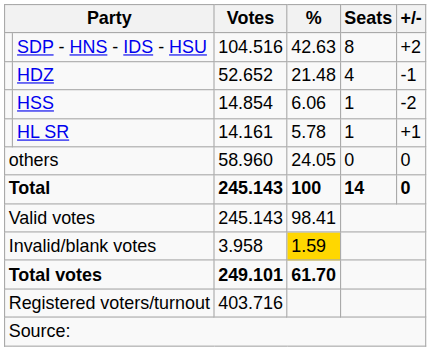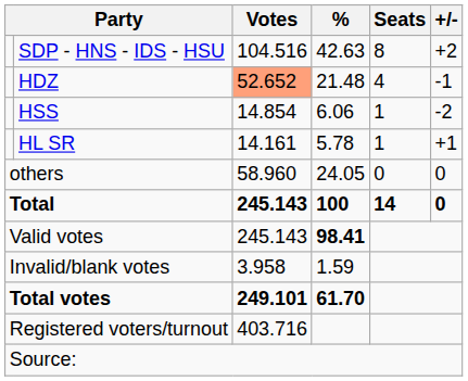 <table class="wikitable" style="text-align: left;">
 <tr>
 <th colspan="2">Party</th>
 <th>Votes</th>
 <th>%</th>
 <th>Seats</th>
 <th>+/-</th>
 </tr>
 <tr>
 <td style="background-color: "></td>
 <td><a href='#'>SDP</a> - <a href='#'>HNS</a> - <a href='#'>IDS</a> - <a href='#'>HSU</a></td>
 <td>104.516</td>
 <td>42.63</td>
 <td>8</td>
 <td>+2</td>
 </tr>
 <tr>
 <td style="background-color: "></td>
 <td><a href='#'>HDZ</a></td>
-<td>52.652</td>
+<td style="background: lightsalmon;">52.652</td>
 <td>21.48</td>
 <td>4</td>
 <td>-1</td>
 </tr>
 <tr>
 <td style="background-color: "></td>
 <td><a href='#'>HSS</a></td>
 <td>14.854</td>
 <td>6.06</td>
 <td>1</td>
 <td>-2</td>
 </tr>
 <tr>
 <td style="background-color: "></td>
 <td><a href='#'>HL SR</a></td>
 <td>14.161</td>
 <td>5.78</td>
 <td>1</td>
 <td>+1</td>
 </tr>
 <tr>
 <td colspan="2">others</td>
 <td>58.960</td>
 <td>24.05</td>
 <td>0</td>
 <td>0</td>
 </tr>
 <tr>
 <td colspan="2"><strong>Total</strong></td>
 <td><strong>245.143</strong></td>
 <td><strong>100</strong></td>
 <td><strong>14</strong></td>
 <td><strong>0</strong></td>
 </tr>
 <tr>
 <td colspan="2">Valid votes</td>
 <td>245.143</td>
-<td>98.41</td>
+<td><strong>98.41</strong></td>
 <td colspan="2"></td>
 </tr>
 <tr>
 <td colspan="2">Invalid/blank votes</td>
 <td>3.958</td>
-<td style="background: gold;">1.59</td>
+<td>1.59</td>
 <td colspan="2"></td>
 </tr>
 <tr>
 <td colspan="2"><strong>Total votes</strong></td>
 <td><strong>249.101</strong></td>
 <td><strong>61.70</strong></td>
 <td colspan="2"></td>
 </tr>
 <tr>
 <td colspan="2">Registered voters/turnout</td>
 <td votes14="5343">403.716</td>
 <td></td>
 <td colspan="2"></td>
 </tr>
 <tr>
 <td colspan="6">Source: </td>
 </tr>
 </table>
